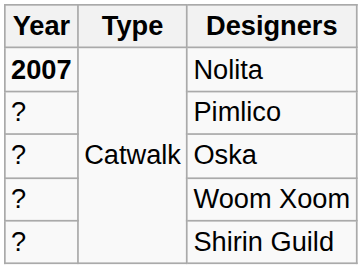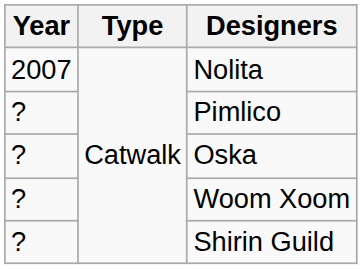 <table class="wikitable">
 <tr>
 <th>Year</th>
 <th>Type</th>
 <th>Designers</th>
 </tr>
 <tr>
-<td><strong>2007</strong></td>
+<td>2007</td>
 <td rowspan=5>Catwalk</td>
 <td>Nolita</td>
 </tr>
 <tr>
 <td>?</td>
 <td>Pimlico</td>
 </tr>
 <tr>
 <td>?</td>
 <td>Oska</td>
 </tr>
 <tr>
 <td>?</td>
 <td>Woom Xoom</td>
 </tr>
 <tr>
 <td>?</td>
 <td>Shirin Guild</td>
 </tr>
 </table>
